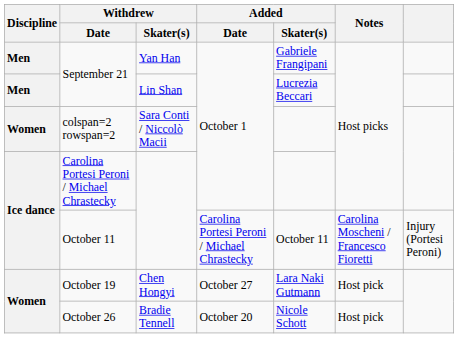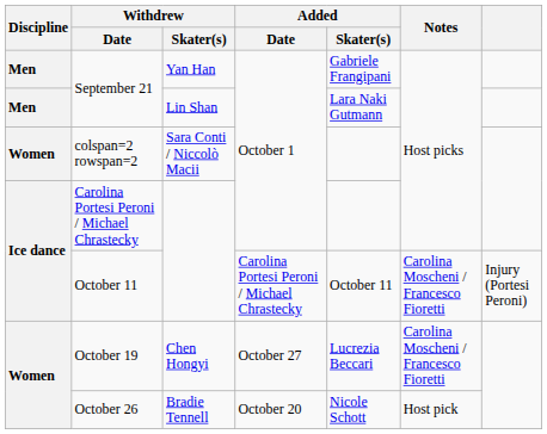 <table class="wikitable unsortable">
 <tr>
 <th scope="col" rowspan=2>Discipline</th>
 <th scope="col" colspan=2>Withdrew</th>
 <th scope="col" colspan=2>Added</th>
 <th scope="col" rowspan=2>Notes</th>
 <th scope="col" rowspan=2></th>
 </tr>
 <tr>
 <th>Date</th>
 <th>Skater(s)</th>
 <th>Date</th>
 <th>Skater(s)</th>
 </tr>
 <tr>
 <th scope="row" style="text-align:left">Men</th>
 <td rowspan=2>September 21</td>
 <td> <a href='#'>Yan Han</a></td>
 <td rowspan=4>October 1</td>
 <td> <a href='#'>Gabriele Frangipani</a></td>
 <td rowspan=4>Host picks</td>
 <td></td>
 </tr>
 <tr>
 <th scope="row" style="text-align:left">Men</th>
 <td> <a href='#'>Lin Shan</a></td>
-<td> <a href='#'>Lucrezia Beccari</a></td>
+<td> <a href='#'>Lara Naki Gutmann</a></td>
 <td></td>
 </tr>
 <tr>
 <th scope="row" style="text-align:left">Women</th>
 <td>colspan=2 rowspan=2 </td>
 <td> <a href='#'>Sara Conti</a> / <a href='#'>Niccolò Macii</a></td>
 <td></td>
 </tr>
 <tr>
 <th scope="row" style="text-align:left" rowspan=2>Ice dance</th>
 <td> <a href='#'>Carolina Portesi Peroni</a> / <a href='#'>Michael Chrastecky</a></td>
 <td rowspan=2></td>
 </tr>
 <tr>
 <td>October 11</td>
 <td> <a href='#'>Carolina Portesi Peroni</a> / <a href='#'>Michael Chrastecky</a></td>
 <td>October 11</td>
 <td> <a href='#'>Carolina Moscheni</a> / <a href='#'>Francesco Fioretti</a></td>
 <td>Injury (Portesi Peroni)</td>
 </tr>
 <tr>
 <th scope="row" style="text-align:left" rowspan=2>Women</th>
 <td>October 19</td>
 <td> <a href='#'>Chen Hongyi</a></td>
 <td>October 27</td>
-<td> <a href='#'>Lara Naki Gutmann</a></td>
-<td>Host pick</td>
+<td> <a href='#'>Lucrezia Beccari</a></td>
+<td> <a href='#'>Carolina Moscheni</a> / <a href='#'>Francesco Fioretti</a></td>
 <td rowspan=2></td>
 </tr>
 <tr>
 <td>October 26</td>
 <td> <a href='#'>Bradie Tennell</a></td>
 <td>October 20</td>
 <td> <a href='#'>Nicole Schott</a></td>
 <td>Host pick</td>
 </tr>
 </table>
